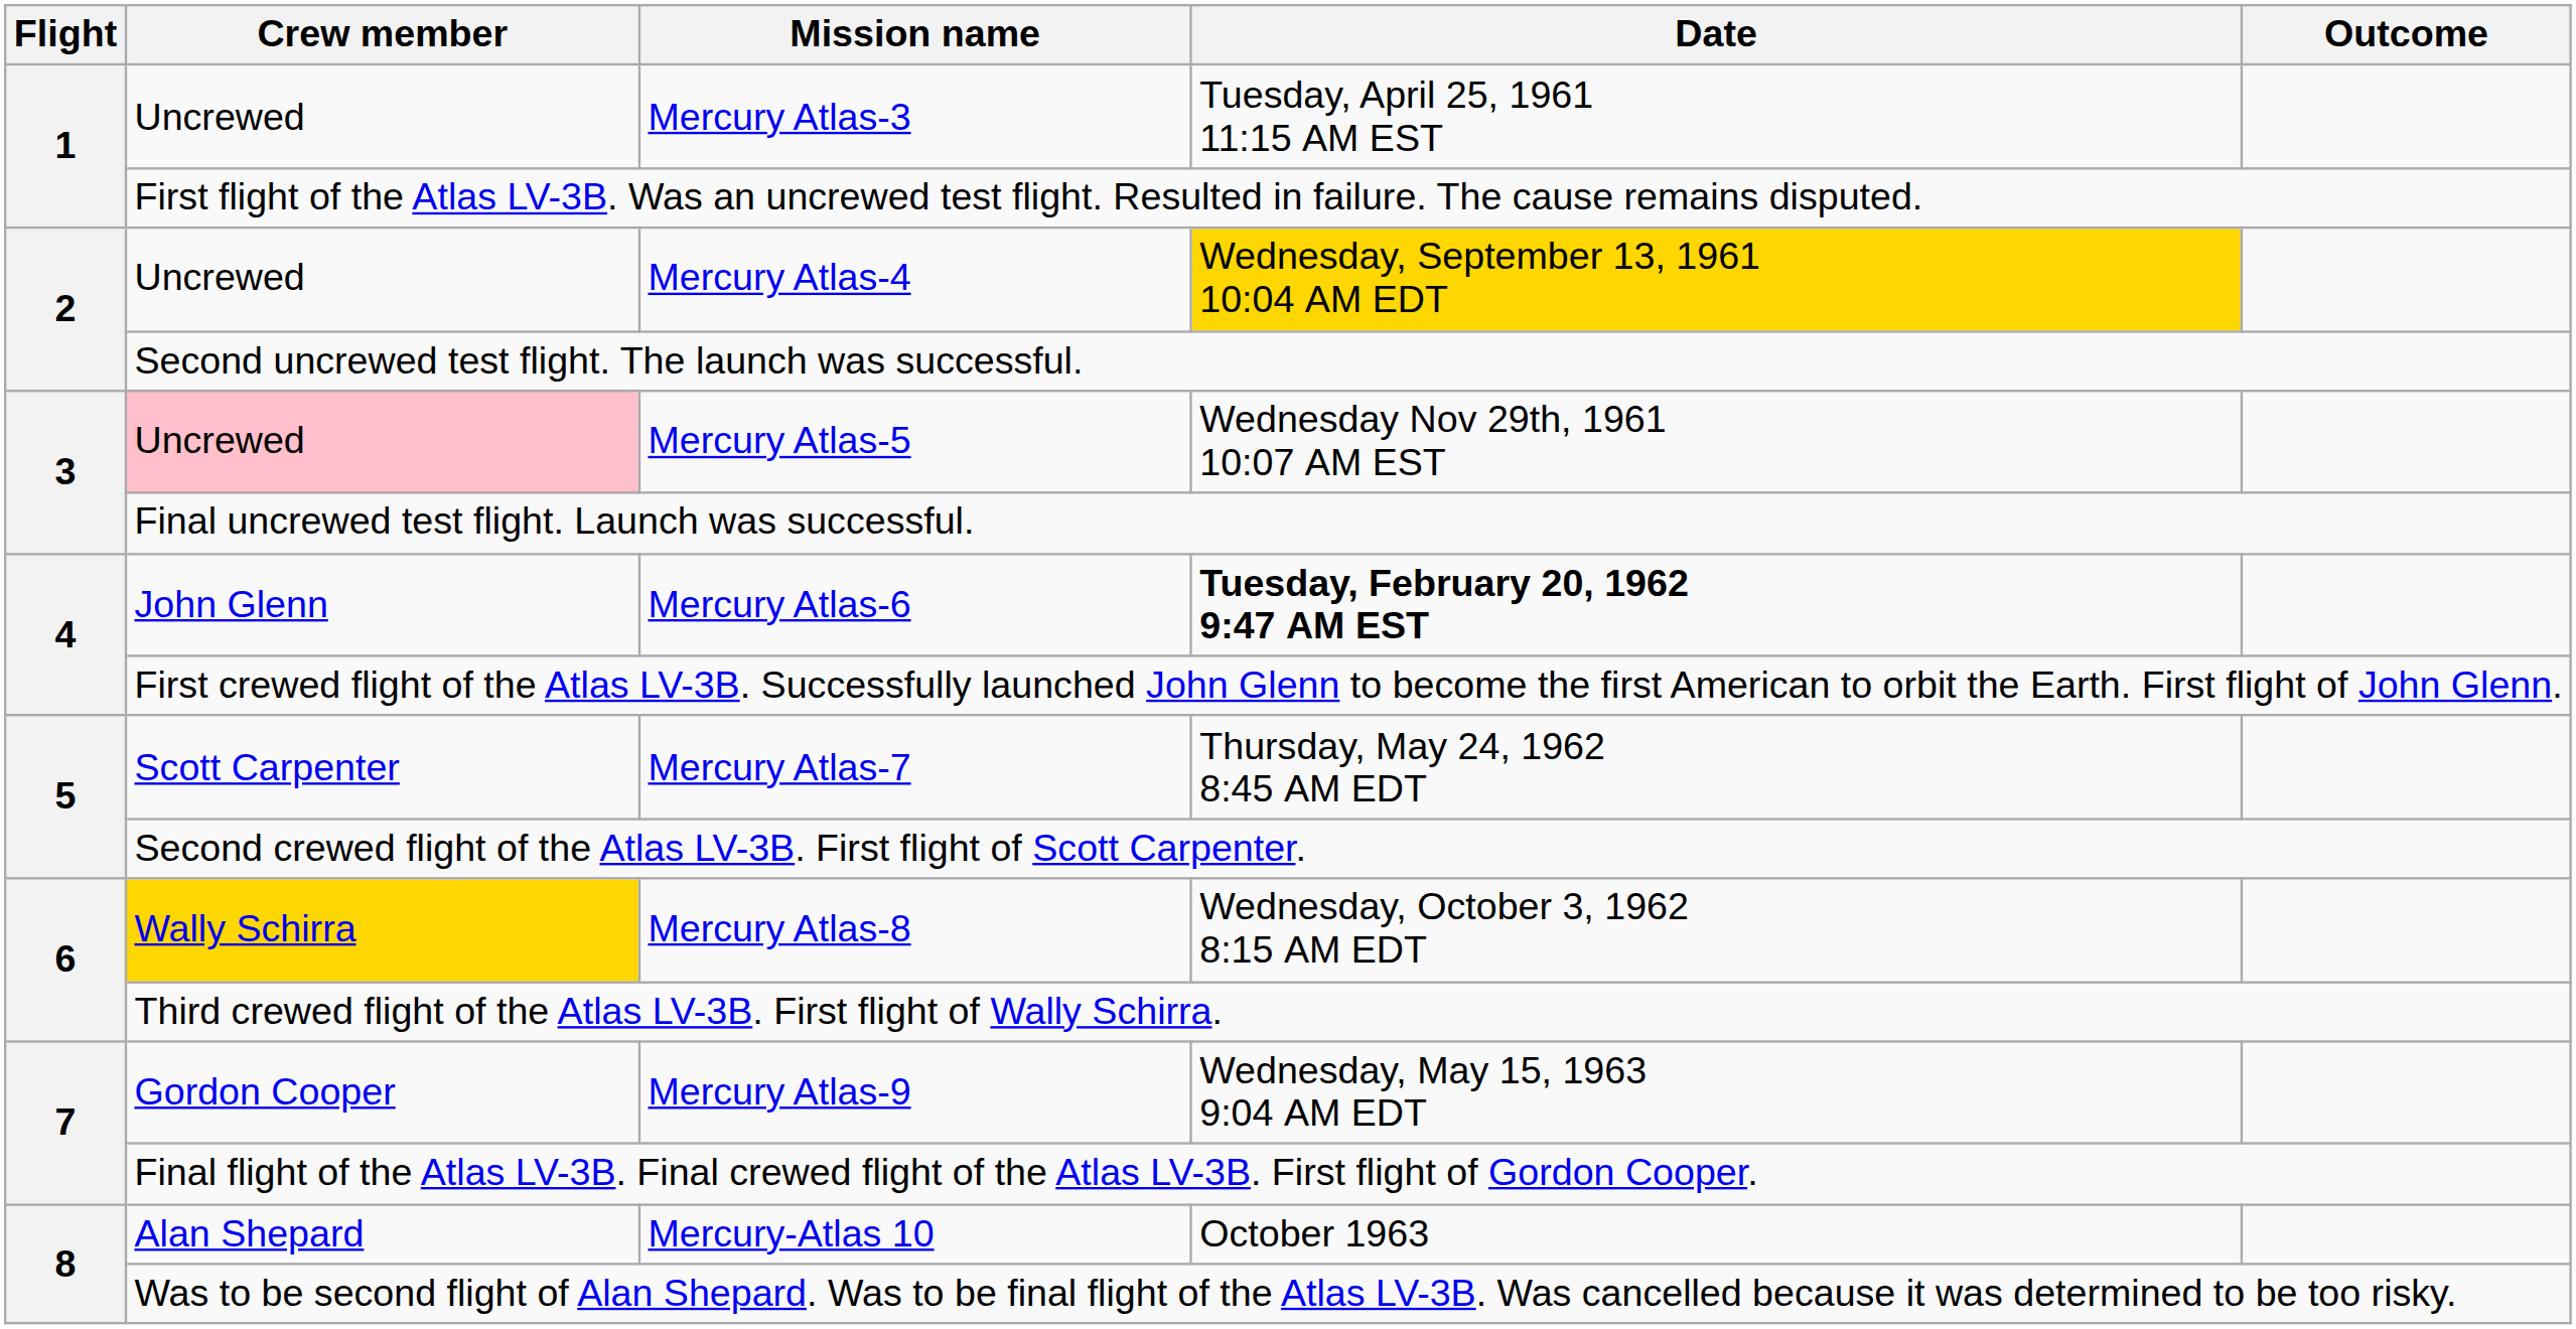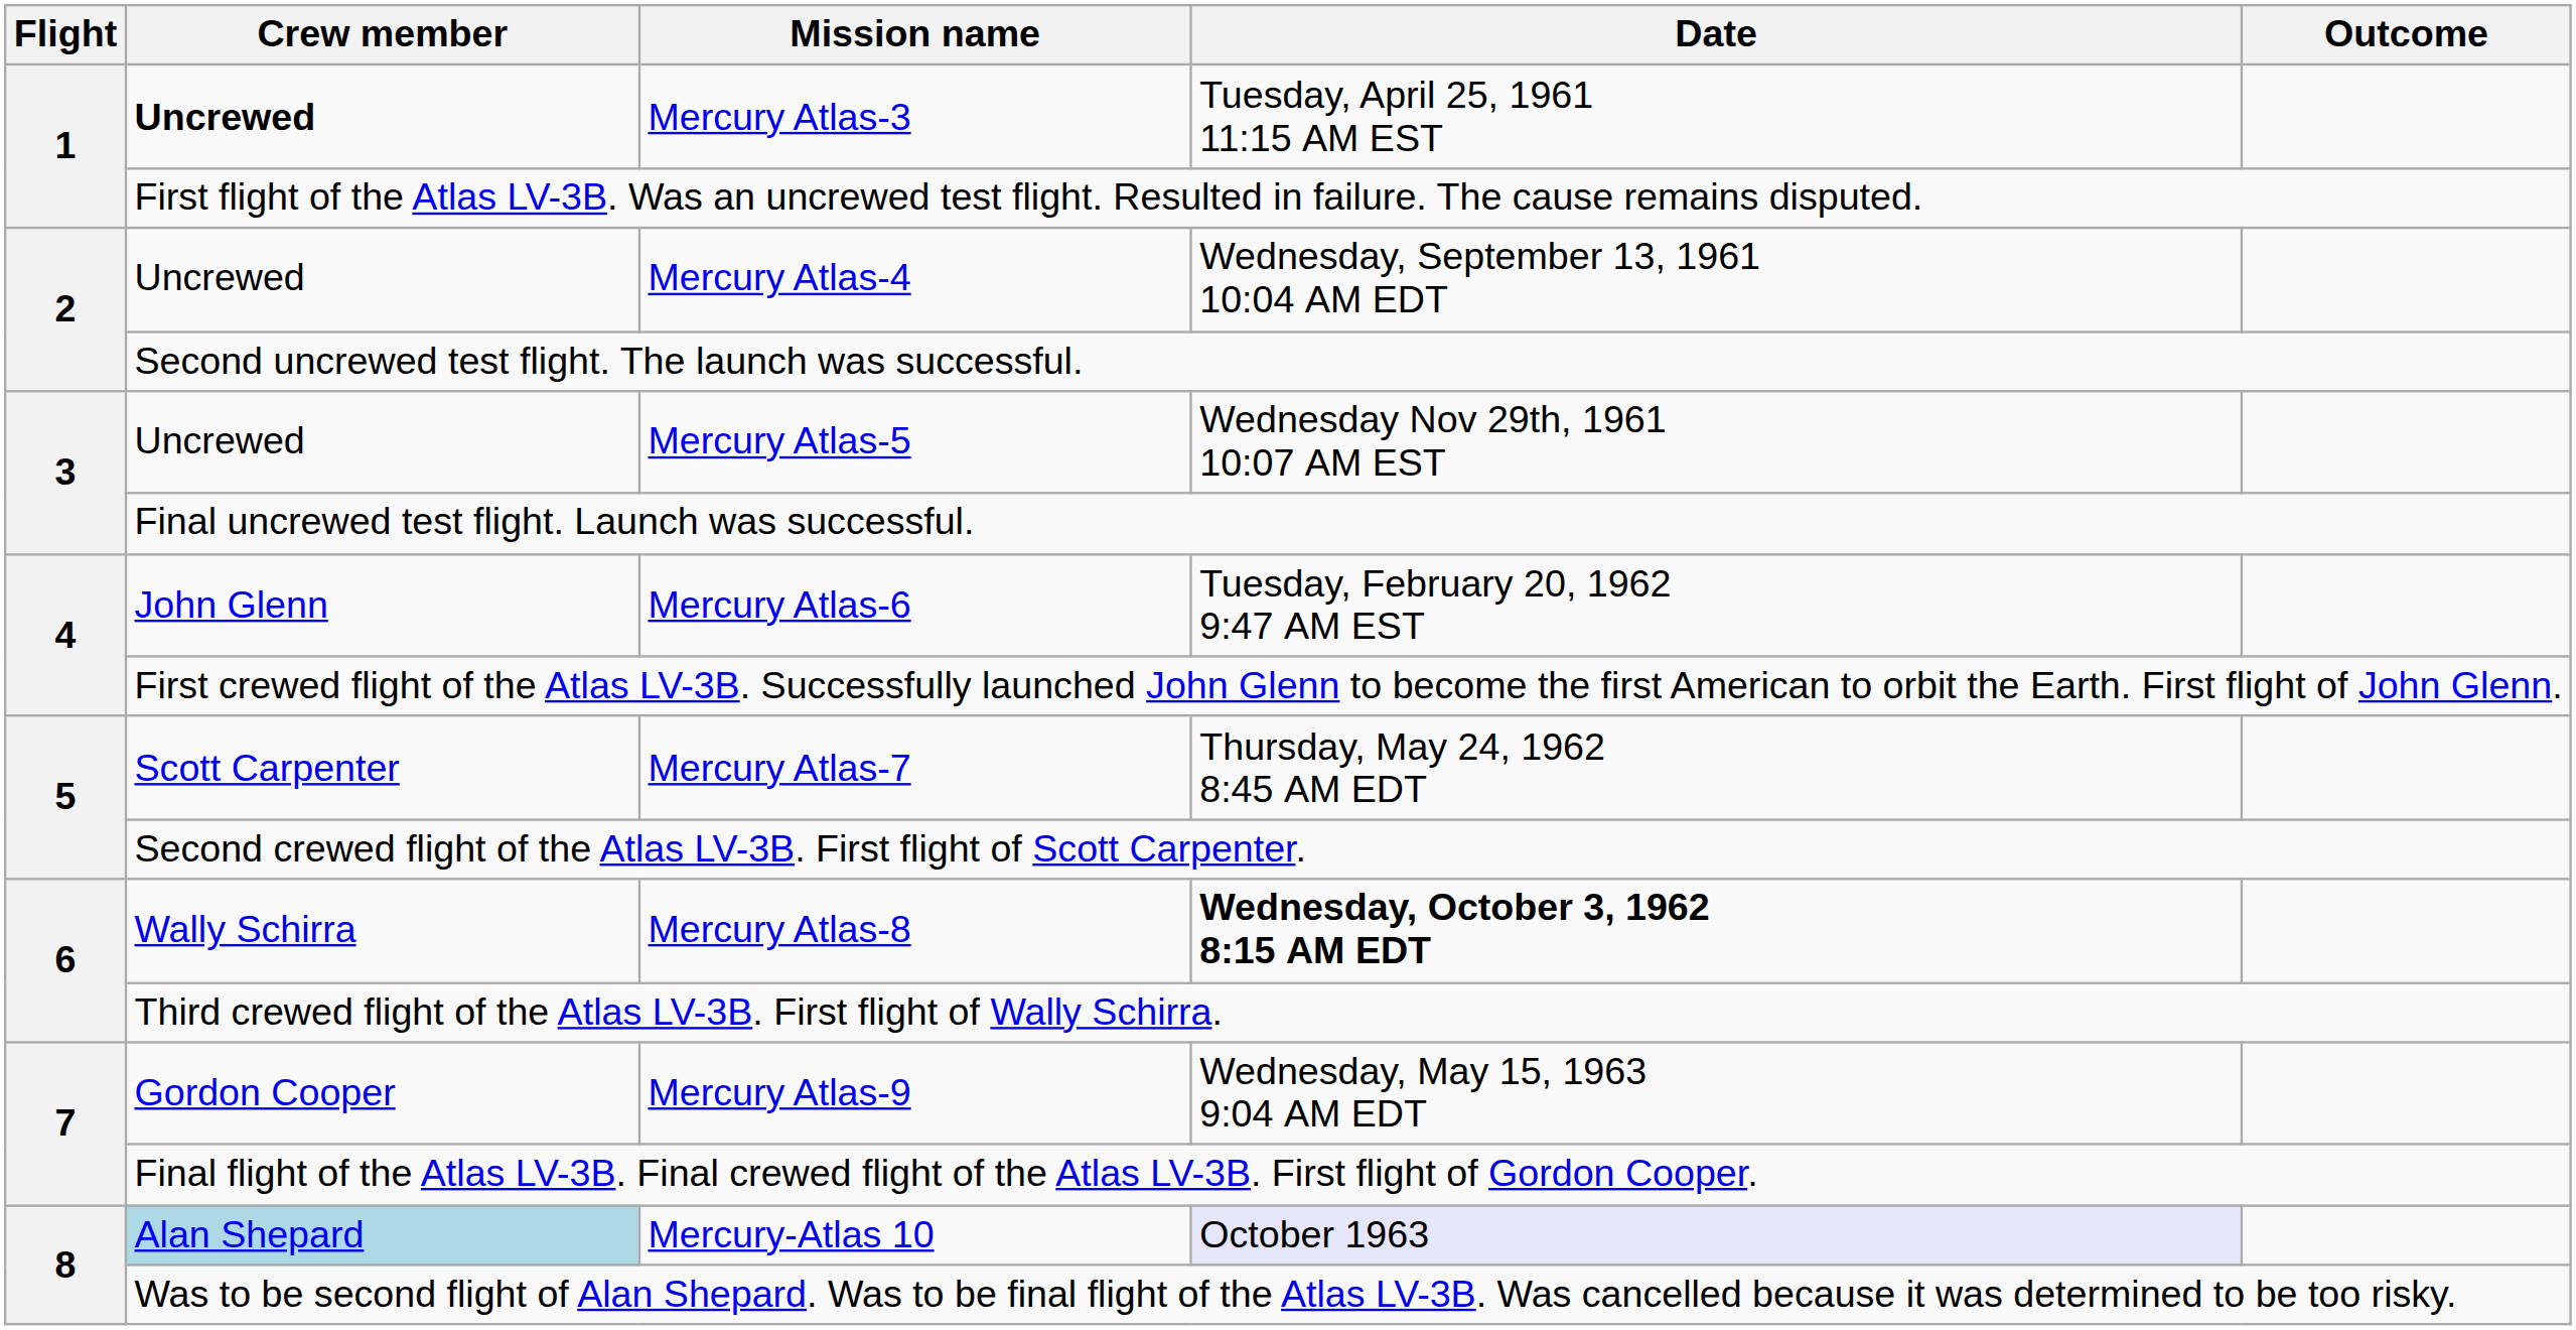 <table class="wikitable sortable mw-collapsible">
 <tr>
 <th><strong>Flight</strong></th>
 <th>Crew member</th>
 <th>Mission name</th>
 <th>Date</th>
 <th>Outcome</th>
 </tr>
 <tr>
 <th rowspan="2">1</th>
-<td>Uncrewed</td>
+<td><strong>Uncrewed</strong></td>
 <td><a href='#'>Mercury Atlas-3</a></td>
 <td>Tuesday, April 25, 1961<br>11:15 AM EST</td>
 <td></td>
 </tr>
 <tr>
 <td colspan="4">First flight of the <a href='#'>Atlas LV-3B</a>. Was an uncrewed test flight. Resulted in failure. The cause remains disputed.</td>
 </tr>
 <tr>
 <th rowspan="2">2</th>
 <td>Uncrewed</td>
 <td><a href='#'>Mercury Atlas-4</a></td>
-<td style="background: gold;">Wednesday, September 13, 1961<br>10:04 AM EDT</td>
+<td>Wednesday, September 13, 1961<br>10:04 AM EDT</td>
 <td></td>
 </tr>
 <tr>
 <td colspan="4">Second uncrewed test flight. The launch was successful.</td>
 </tr>
 <tr>
 <th rowspan="2">3</th>
-<td style="background: pink;">Uncrewed</td>
+<td>Uncrewed</td>
 <td><a href='#'>Mercury Atlas-5</a></td>
 <td>Wednesday Nov 29th, 1961<br>10:07 AM EST</td>
 <td></td>
 </tr>
 <tr>
 <td colspan="4">Final uncrewed test flight. Launch was successful.</td>
 </tr>
 <tr>
 <th rowspan="2">4</th>
 <td><a href='#'>John Glenn</a></td>
 <td><a href='#'>Mercury Atlas-6</a></td>
-<td><strong>Tuesday, February 20, 1962<br>9:47 AM EST</strong></td>
+<td>Tuesday, February 20, 1962<br>9:47 AM EST</td>
 <td></td>
 </tr>
 <tr>
 <td colspan="4">First crewed flight of the <a href='#'>Atlas LV-3B</a>. Successfully launched <a href='#'>John Glenn</a> to become the first American to orbit the Earth. First flight of <a href='#'>John Glenn</a>.</td>
 </tr>
 <tr>
 <th rowspan="2">5</th>
 <td><a href='#'>Scott Carpenter</a></td>
 <td><a href='#'>Mercury Atlas-7</a></td>
 <td>Thursday, May 24, 1962<br>8:45 AM EDT</td>
 <td></td>
 </tr>
 <tr>
 <td colspan="4">Second crewed flight of the <a href='#'>Atlas LV-3B</a>. First flight of <a href='#'>Scott Carpenter</a>.</td>
 </tr>
 <tr>
 <th rowspan="2">6</th>
-<td style="background: gold;"><a href='#'>Wally Schirra</a></td>
+<td><a href='#'>Wally Schirra</a></td>
 <td><a href='#'>Mercury Atlas-8</a></td>
-<td>Wednesday, October 3, 1962<br>8:15 AM EDT</td>
+<td><strong>Wednesday, October 3, 1962<br>8:15 AM EDT</strong></td>
 <td></td>
 </tr>
 <tr>
 <td colspan="4">Third crewed flight of the <a href='#'>Atlas LV-3B</a>. First flight of <a href='#'>Wally Schirra</a>.</td>
 </tr>
 <tr>
 <th rowspan="2">7</th>
 <td><a href='#'>Gordon Cooper</a></td>
 <td><a href='#'>Mercury Atlas-9</a></td>
 <td>Wednesday, May 15, 1963<br>9:04 AM EDT</td>
 <td></td>
 </tr>
 <tr>
 <td colspan="4">Final flight of the <a href='#'>Atlas LV-3B</a>. Final crewed flight of the <a href='#'>Atlas LV-3B</a>. First flight of <a href='#'>Gordon Cooper</a>.</td>
 </tr>
 <tr>
 <th rowspan="2">8</th>
-<td><a href='#'>Alan Shepard</a></td>
+<td style="background: lightblue;"><a href='#'>Alan Shepard</a></td>
 <td><a href='#'>Mercury-Atlas 10</a></td>
-<td>October 1963</td>
+<td style="background: lavender;">October 1963</td>
 <td></td>
 </tr>
 <tr>
 <td colspan="4">Was to be second flight of <a href='#'>Alan Shepard</a>. Was to be final flight of the <a href='#'>Atlas LV-3B</a>. Was cancelled because it was determined to be too risky.</td>
 </tr>
 </table>
